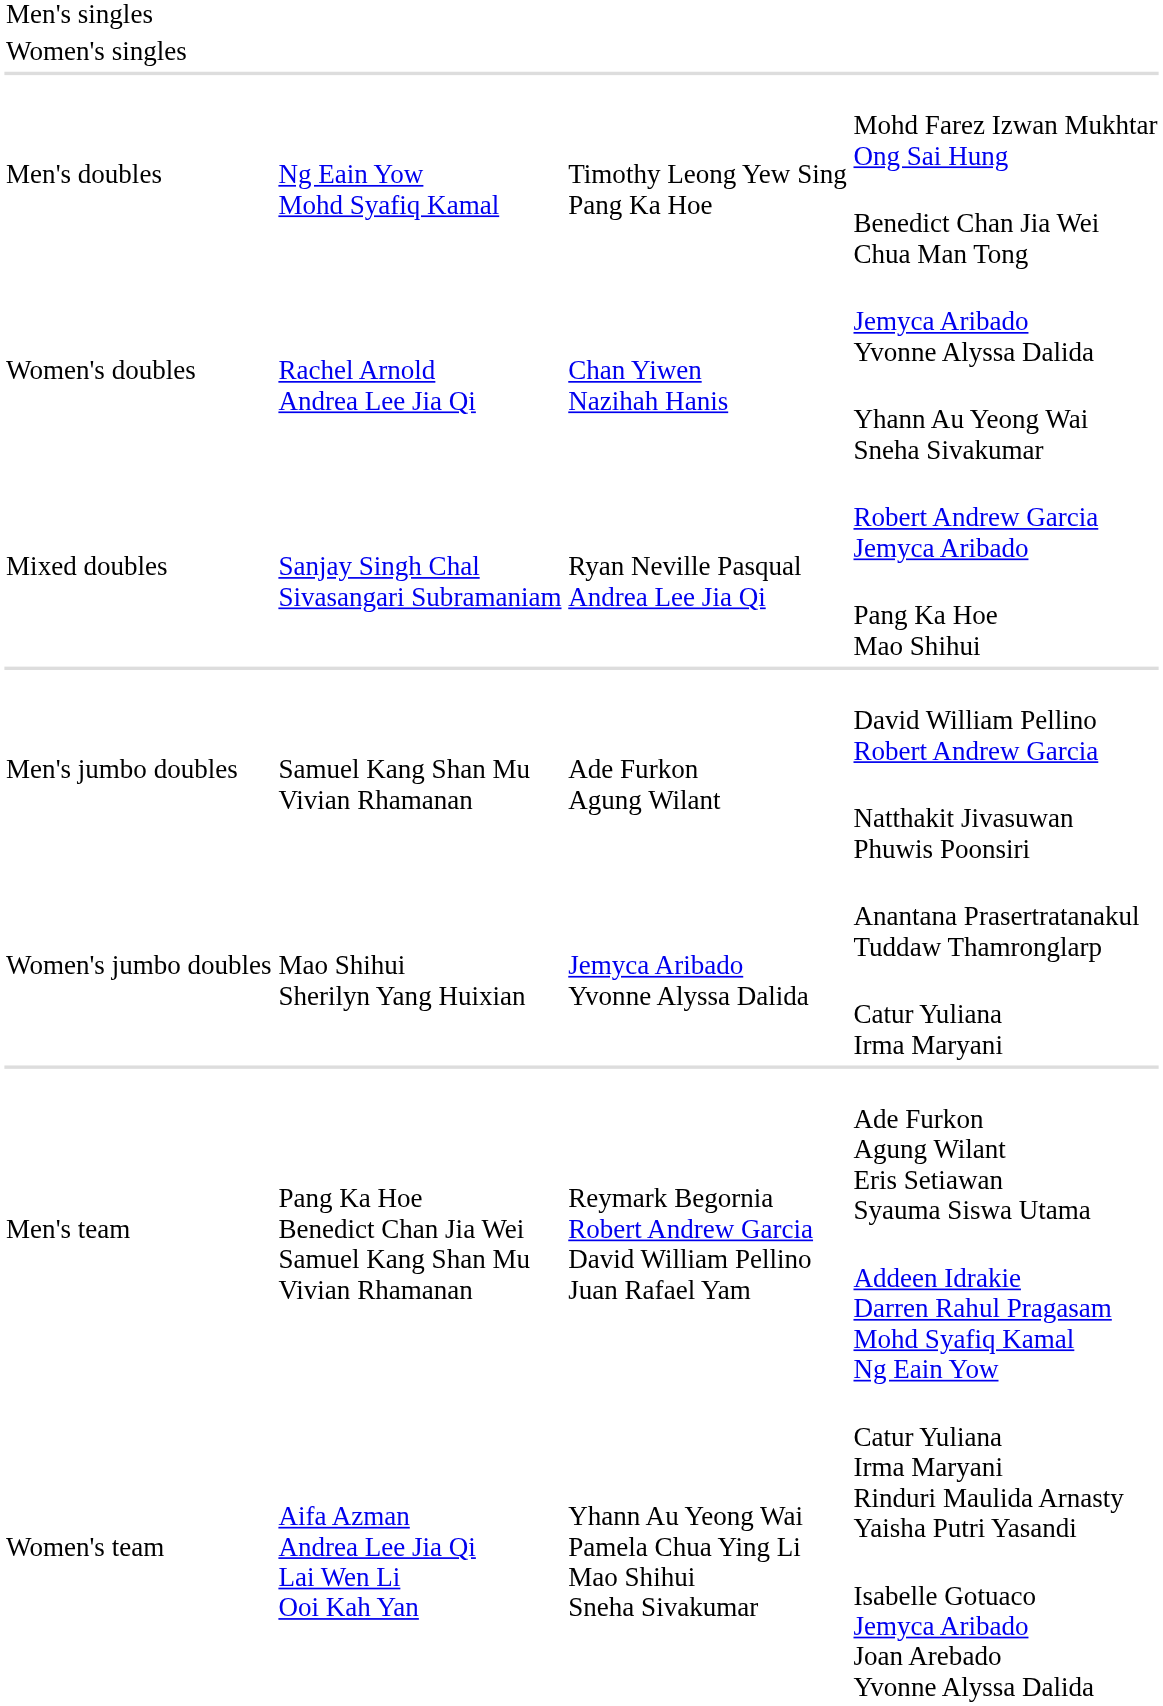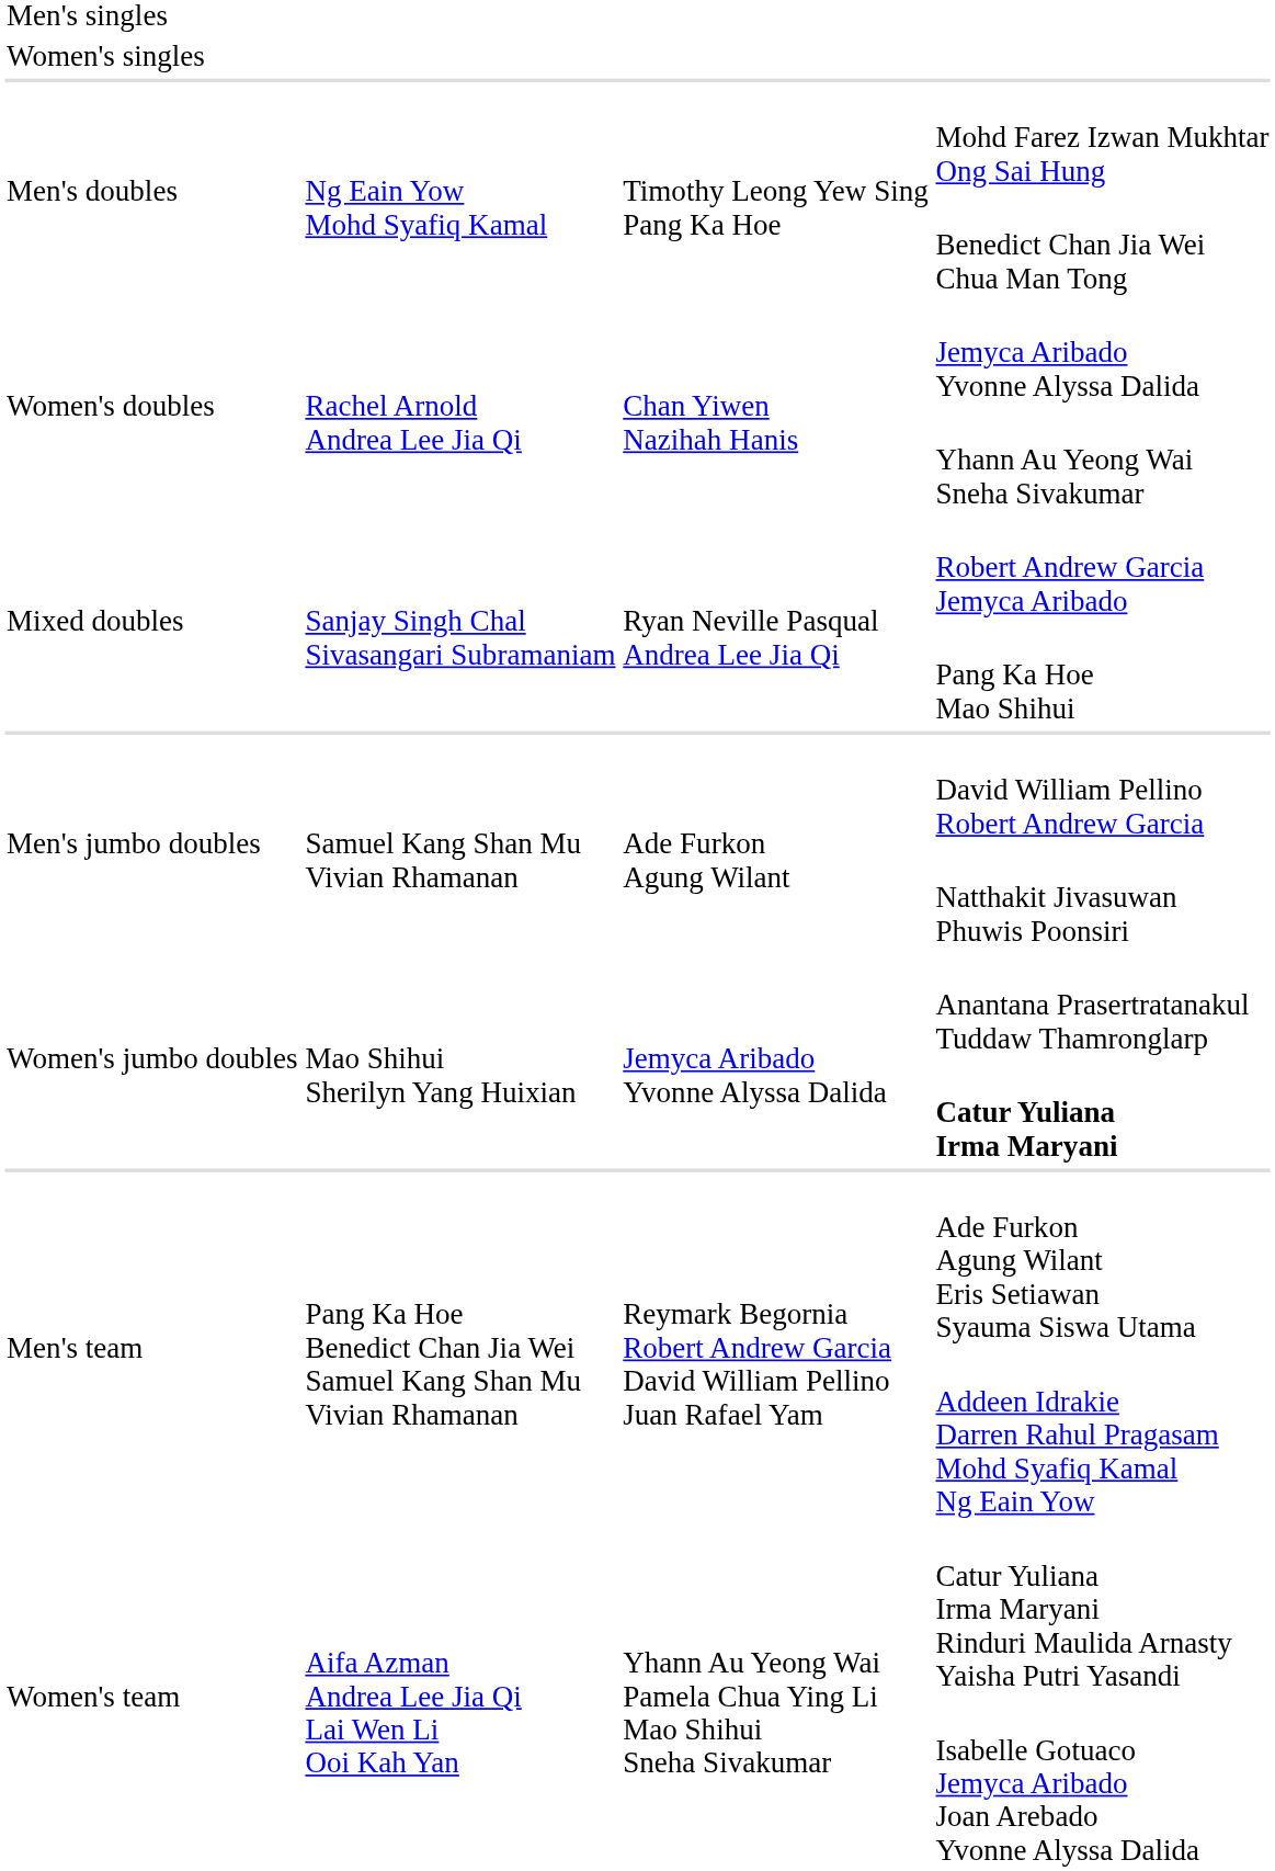 <table>
 <tr>
 <td rowspan=2>Men's singles</td>
 <td rowspan=2></td>
 <td rowspan=2></td>
 <td></td>
 </tr>
 <tr>
 <td></td>
 </tr>
 <tr>
 <td rowspan=2>Women's singles</td>
 <td rowspan=2></td>
 <td rowspan=2></td>
 <td></td>
 </tr>
 <tr>
 <td></td>
 </tr>
 <tr style="background:#dddddd;">
 <td colspan=7></td>
 </tr>
 <tr>
 <td rowspan=2>Men's doubles</td>
 <td rowspan=2><br><a href='#'>Ng Eain Yow</a><br><a href='#'>Mohd Syafiq Kamal</a></td>
 <td rowspan=2><br>Timothy Leong Yew Sing<br>Pang Ka Hoe</td>
 <td><br>Mohd Farez Izwan Mukhtar<br><a href='#'>Ong Sai Hung</a></td>
 </tr>
 <tr>
 <td><br>Benedict Chan Jia Wei<br>Chua Man Tong</td>
 </tr>
 <tr>
 <td rowspan=2>Women's doubles</td>
 <td rowspan=2><br><a href='#'>Rachel Arnold</a><br><a href='#'>Andrea Lee Jia Qi</a></td>
 <td rowspan=2><br><a href='#'>Chan Yiwen</a><br><a href='#'>Nazihah Hanis</a></td>
 <td><br><a href='#'>Jemyca Aribado</a><br>Yvonne Alyssa Dalida</td>
 </tr>
 <tr>
 <td><br>Yhann Au Yeong Wai<br>Sneha Sivakumar</td>
 </tr>
 <tr>
 <td rowspan=2>Mixed doubles</td>
 <td rowspan=2><br><a href='#'>Sanjay Singh Chal</a><br><a href='#'>Sivasangari Subramaniam</a></td>
 <td rowspan=2><br>Ryan Neville Pasqual<br><a href='#'>Andrea Lee Jia Qi</a></td>
 <td><br><a href='#'>Robert Andrew Garcia</a><br><a href='#'>Jemyca Aribado</a></td>
 </tr>
 <tr>
 <td><br>Pang Ka Hoe<br>Mao Shihui</td>
 </tr>
 <tr style="background:#dddddd;">
 <td colspan=7></td>
 </tr>
 <tr>
 <td rowspan=2>Men's jumbo doubles</td>
 <td rowspan=2><br>Samuel Kang Shan Mu<br>Vivian Rhamanan</td>
 <td rowspan=2><br>Ade Furkon<br>Agung Wilant</td>
 <td><br>David William Pellino<br><a href='#'>Robert Andrew Garcia</a></td>
 </tr>
 <tr>
 <td><br>Natthakit Jivasuwan<br>Phuwis Poonsiri</td>
 </tr>
 <tr>
 <td rowspan=2>Women's jumbo doubles</td>
 <td rowspan=2><br>Mao Shihui<br>Sherilyn Yang Huixian</td>
 <td rowspan=2><br><a href='#'>Jemyca Aribado</a><br>Yvonne Alyssa Dalida</td>
 <td><br>Anantana Prasertratanakul<br>Tuddaw Thamronglarp</td>
 </tr>
 <tr>
-<td><br>Catur Yuliana<br>Irma Maryani</td>
+<td><strong><br>Catur Yuliana<br>Irma Maryani</strong></td>
 </tr>
 <tr style="background:#dddddd;">
 <td colspan=7></td>
 </tr>
 <tr>
 <td rowspan=2>Men's team</td>
 <td rowspan=2><br>Pang Ka Hoe<br>Benedict Chan Jia Wei<br>Samuel Kang Shan Mu<br>Vivian Rhamanan</td>
 <td rowspan=2><br>Reymark Begornia<br><a href='#'>Robert Andrew Garcia</a><br>David William Pellino<br>Juan Rafael Yam</td>
 <td><br>Ade Furkon<br>Agung Wilant<br>Eris Setiawan<br>Syauma Siswa Utama</td>
 </tr>
 <tr>
 <td><br><a href='#'>Addeen Idrakie</a><br><a href='#'>Darren Rahul Pragasam</a><br><a href='#'>Mohd Syafiq Kamal</a><br><a href='#'>Ng Eain Yow</a></td>
 </tr>
 <tr>
 <td rowspan=2>Women's team</td>
 <td rowspan=2><br><a href='#'>Aifa Azman</a><br><a href='#'>Andrea Lee Jia Qi</a><br><a href='#'>Lai Wen Li</a><br><a href='#'>Ooi Kah Yan</a></td>
 <td rowspan=2><br>Yhann Au Yeong Wai<br>Pamela Chua Ying Li<br>Mao Shihui<br>Sneha Sivakumar</td>
 <td><br>Catur Yuliana<br>Irma Maryani<br>Rinduri Maulida Arnasty<br>Yaisha Putri Yasandi</td>
 </tr>
 <tr>
 <td><br>Isabelle Gotuaco<br><a href='#'>Jemyca Aribado</a><br>Joan Arebado<br>Yvonne Alyssa Dalida</td>
 </tr>
 </table>
